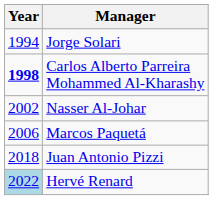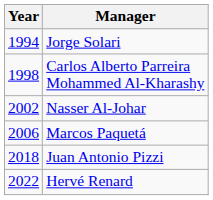 <table class="wikitable">
 <tr>
 <th>Year</th>
 <th>Manager</th>
 </tr>
 <tr>
 <td align=center><a href='#'>1994</a></td>
 <td> <a href='#'>Jorge Solari</a></td>
 </tr>
 <tr>
-<td align=center><strong><a href='#'>1998</a></strong></td>
+<td align=center><a href='#'>1998</a></td>
 <td> <a href='#'>Carlos Alberto Parreira</a> <br>  <a href='#'>Mohammed Al-Kharashy</a></td>
 </tr>
 <tr>
 <td align=center><a href='#'>2002</a></td>
 <td> <a href='#'>Nasser Al-Johar</a></td>
 </tr>
 <tr>
 <td align=center><a href='#'>2006</a></td>
 <td> <a href='#'>Marcos Paquetá</a></td>
 </tr>
 <tr>
 <td align=center><a href='#'>2018</a></td>
 <td>  <a href='#'>Juan Antonio Pizzi</a></td>
 </tr>
 <tr>
-<td align=center style="background: lightblue;"><a href='#'>2022</a></td>
+<td align=center><a href='#'>2022</a></td>
 <td> <a href='#'>Hervé Renard</a></td>
 </tr>
 </table>
